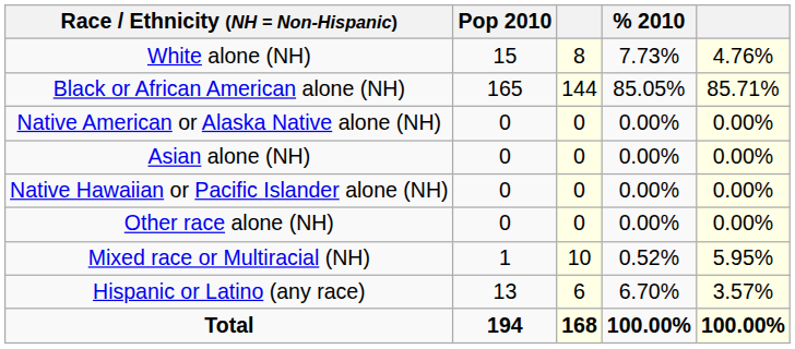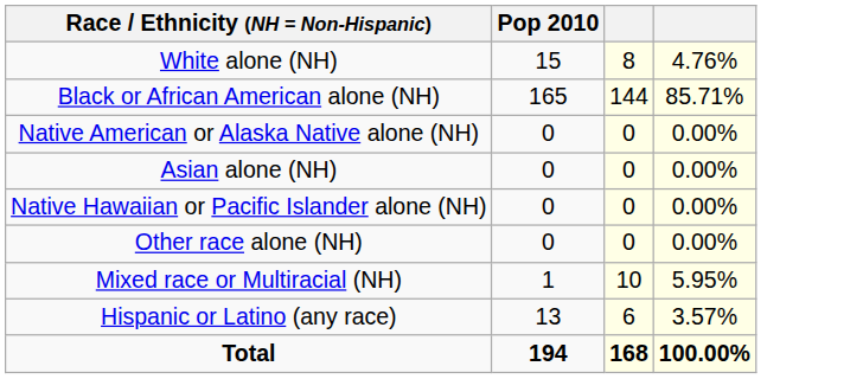 <table class="wikitable" style="text-align:center;">
 <tr>
 <th>Race / Ethnicity <small>(<em>NH = Non-Hispanic</em>)</small></th>
 <th>Pop 2010</th>
 <th></th>
-<th>% 2010</th>
 <th></th>
 </tr>
 <tr>
 <td><a href='#'>White</a> alone (NH)</td>
 <td>15</td>
 <td style='background: #ffffe6;'>8</td>
-<td>7.73%</td>
 <td style='background: #ffffe6;'>4.76%</td>
 </tr>
 <tr>
 <td><a href='#'>Black or African American</a> alone (NH)</td>
 <td>165</td>
 <td style='background: #ffffe6;'>144</td>
-<td>85.05%</td>
 <td style='background: #ffffe6;'>85.71%</td>
 </tr>
 <tr>
 <td><a href='#'>Native American</a> or <a href='#'>Alaska Native</a> alone (NH)</td>
 <td>0</td>
 <td style='background: #ffffe6;'>0</td>
-<td>0.00%</td>
 <td style='background: #ffffe6;'>0.00%</td>
 </tr>
 <tr>
 <td><a href='#'>Asian</a> alone (NH)</td>
 <td>0</td>
 <td style='background: #ffffe6;'>0</td>
-<td>0.00%</td>
 <td style='background: #ffffe6;'>0.00%</td>
 </tr>
 <tr>
 <td><a href='#'>Native Hawaiian</a> or <a href='#'>Pacific Islander</a> alone (NH)</td>
 <td>0</td>
 <td style='background: #ffffe6;'>0</td>
-<td>0.00%</td>
 <td style='background: #ffffe6;'>0.00%</td>
 </tr>
 <tr>
 <td><a href='#'>Other race</a> alone (NH)</td>
 <td>0</td>
 <td style='background: #ffffe6;'>0</td>
-<td>0.00%</td>
 <td style='background: #ffffe6;'>0.00%</td>
 </tr>
 <tr>
 <td><a href='#'>Mixed race or Multiracial</a> (NH)</td>
 <td>1</td>
 <td style='background: #ffffe6;'>10</td>
-<td>0.52%</td>
 <td style='background: #ffffe6;'>5.95%</td>
 </tr>
 <tr>
 <td><a href='#'>Hispanic or Latino</a> (any race)</td>
 <td>13</td>
 <td style='background: #ffffe6;'>6</td>
-<td>6.70%</td>
 <td style='background: #ffffe6;'>3.57%</td>
 </tr>
 <tr>
 <td><strong>Total</strong></td>
 <td><strong>194</strong></td>
 <td style='background: #ffffe6;'><strong>168</strong></td>
-<td><strong>100.00%</strong></td>
 <td style='background: #ffffe6;'><strong>100.00%</strong></td>
 </tr>
 </table>
